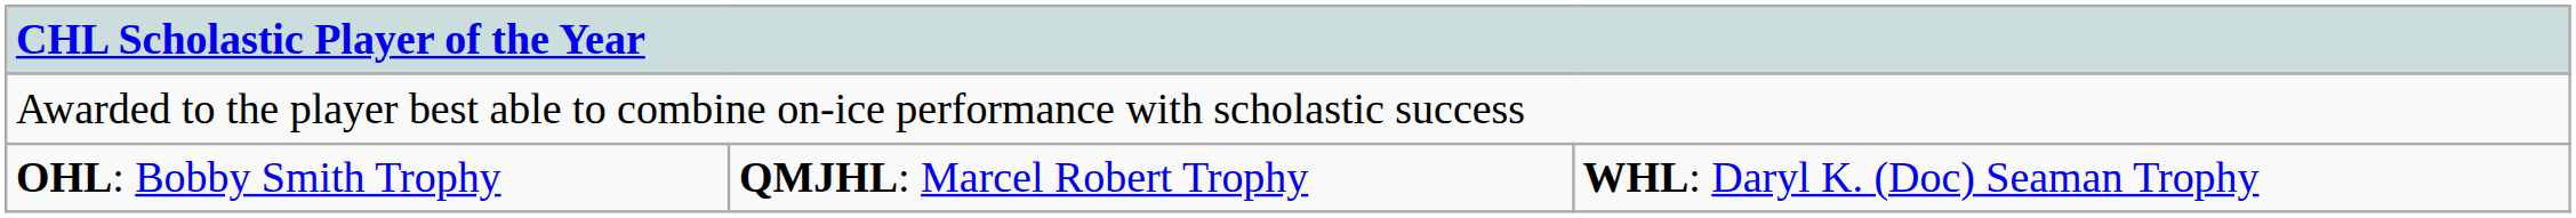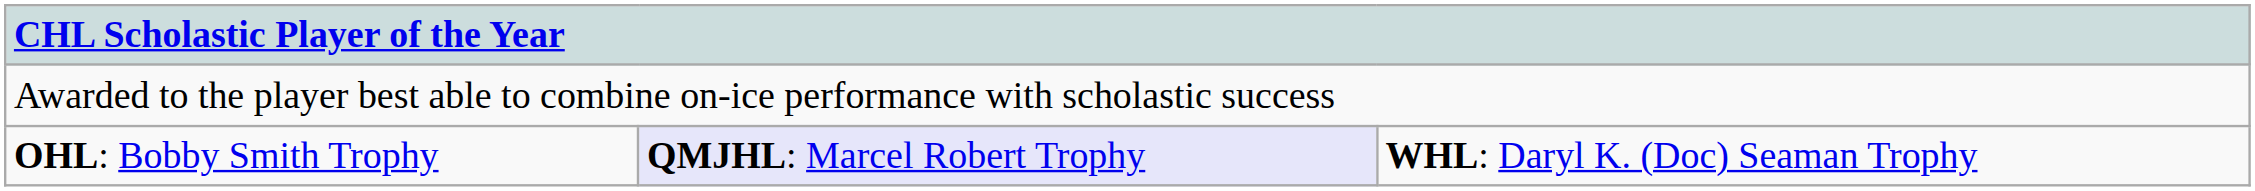 <table class="wikitable" width="75%">
 <tr style="font-weight:bold; background-color:#ccdddd;" |>
 <td colspan="3"><a href='#'>CHL Scholastic Player of the Year</a></td>
 </tr>
 <tr>
 <td colspan="3">Awarded to the player best able to combine on-ice performance with scholastic success</td>
 </tr>
 <tr>
 <td><strong>OHL</strong>: <a href='#'>Bobby Smith Trophy</a></td>
-<td><strong>QMJHL</strong>: <a href='#'>Marcel Robert Trophy</a></td>
+<td style="background: lavender;"><strong>QMJHL</strong>: <a href='#'>Marcel Robert Trophy</a></td>
 <td><strong>WHL</strong>: <a href='#'>Daryl K. (Doc) Seaman Trophy</a></td>
 </tr>
 </table>
